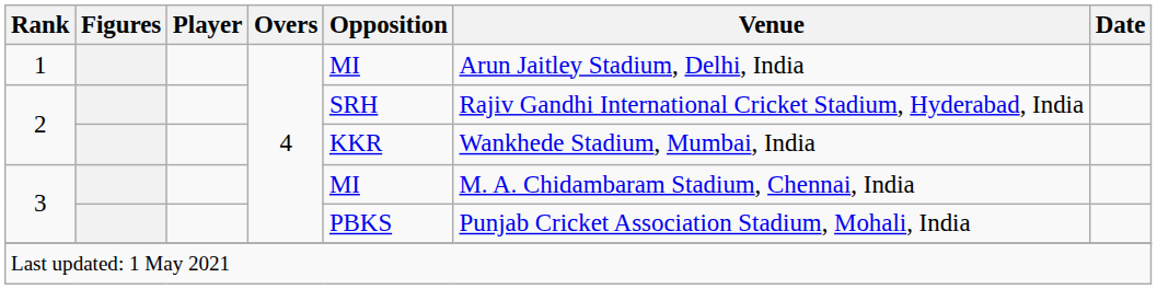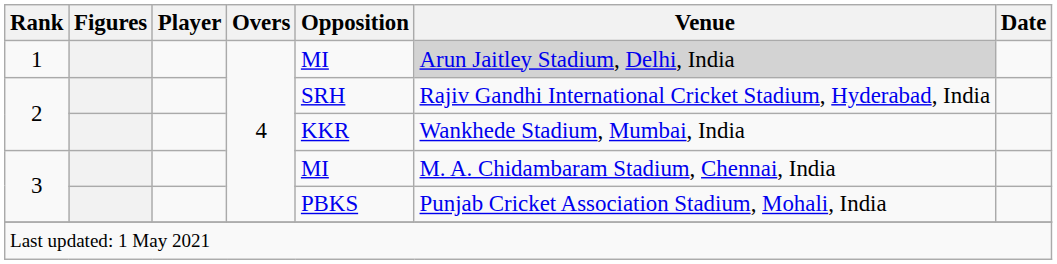 <table class="wikitable">
 <tr>
 <th>Rank</th>
 <th>Figures</th>
 <th>Player</th>
 <th>Overs</th>
 <th>Opposition</th>
 <th>Venue</th>
 <th>Date</th>
 </tr>
 <tr>
 <td align=center>1</td>
 <th scope=row style=text-align:center;></th>
 <td></td>
 <td align=center rowspan=5>4</td>
 <td><a href='#'>MI</a></td>
-<td><a href='#'>Arun Jaitley Stadium</a>, <a href='#'>Delhi</a>, India</td>
+<td style="background: lightgrey;"><a href='#'>Arun Jaitley Stadium</a>, <a href='#'>Delhi</a>, India</td>
 <td></td>
 </tr>
 <tr>
 <td align=center rowspan=2>2</td>
 <th scope=row style=text-align:center;></th>
 <td></td>
 <td><a href='#'>SRH</a></td>
 <td><a href='#'>Rajiv Gandhi International Cricket Stadium</a>, <a href='#'>Hyderabad</a>, India</td>
 <td></td>
 </tr>
 <tr>
 <th scope=row style=text-align:center;></th>
 <td></td>
 <td><a href='#'>KKR</a></td>
 <td><a href='#'>Wankhede Stadium</a>, <a href='#'>Mumbai</a>, India</td>
 <td></td>
 </tr>
 <tr>
 <td align=center rowspan=2>3</td>
 <th scope=row style=text-align:center;></th>
 <td></td>
 <td><a href='#'>MI</a></td>
 <td><a href='#'>M. A. Chidambaram Stadium</a>, <a href='#'>Chennai</a>, India</td>
 <td></td>
 </tr>
 <tr>
 <th scope=row style=text-align:center;></th>
 <td></td>
 <td><a href='#'>PBKS</a></td>
 <td><a href='#'>Punjab Cricket Association Stadium</a>, <a href='#'>Mohali</a>, India</td>
 <td></td>
 </tr>
 <tr>
 </tr>
 <tr class=sortbottom>
 <td colspan=7><small>Last updated: 1 May 2021</small></td>
 </tr>
 </table>
